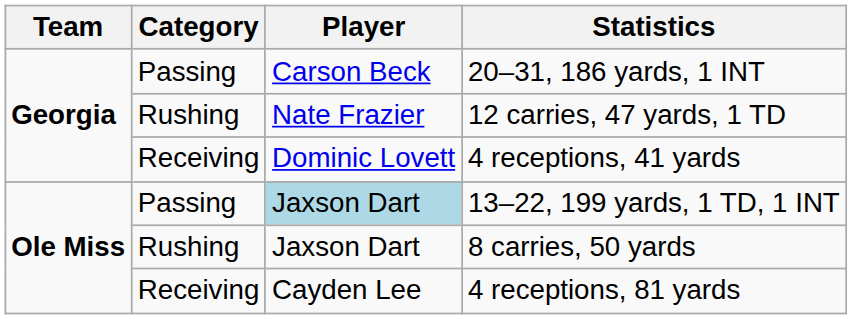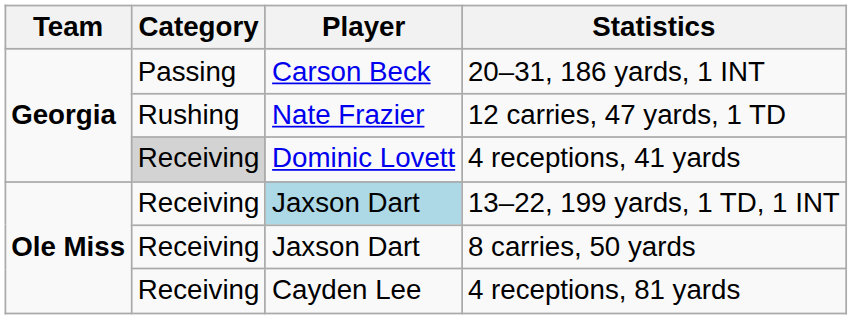 <table class="wikitable" style="float: right;">
 <tr>
 <th>Team</th>
 <th>Category</th>
 <th>Player</th>
 <th>Statistics</th>
 </tr>
 <tr>
 <td rowspan=3><strong>Georgia</strong></td>
 <td>Passing</td>
 <td><a href='#'>Carson Beck</a></td>
 <td>20–31, 186 yards, 1 INT</td>
 </tr>
 <tr>
 <td>Rushing</td>
 <td><a href='#'>Nate Frazier</a></td>
 <td>12 carries, 47 yards, 1 TD</td>
 </tr>
 <tr>
-<td>Receiving</td>
+<td style="background: lightgrey;">Receiving</td>
 <td><a href='#'>Dominic Lovett</a></td>
 <td>4 receptions, 41 yards</td>
 </tr>
 <tr>
 <td rowspan=3><strong>Ole Miss</strong></td>
-<td>Passing</td>
+<td>Receiving</td>
 <td style="background: lightblue;">Jaxson Dart</td>
 <td>13–22, 199 yards, 1 TD, 1 INT</td>
 </tr>
 <tr>
-<td>Rushing</td>
+<td>Receiving</td>
 <td>Jaxson Dart</td>
 <td>8 carries, 50 yards</td>
 </tr>
 <tr>
 <td>Receiving</td>
 <td>Cayden Lee</td>
 <td>4 receptions, 81 yards</td>
 </tr>
 </table>
